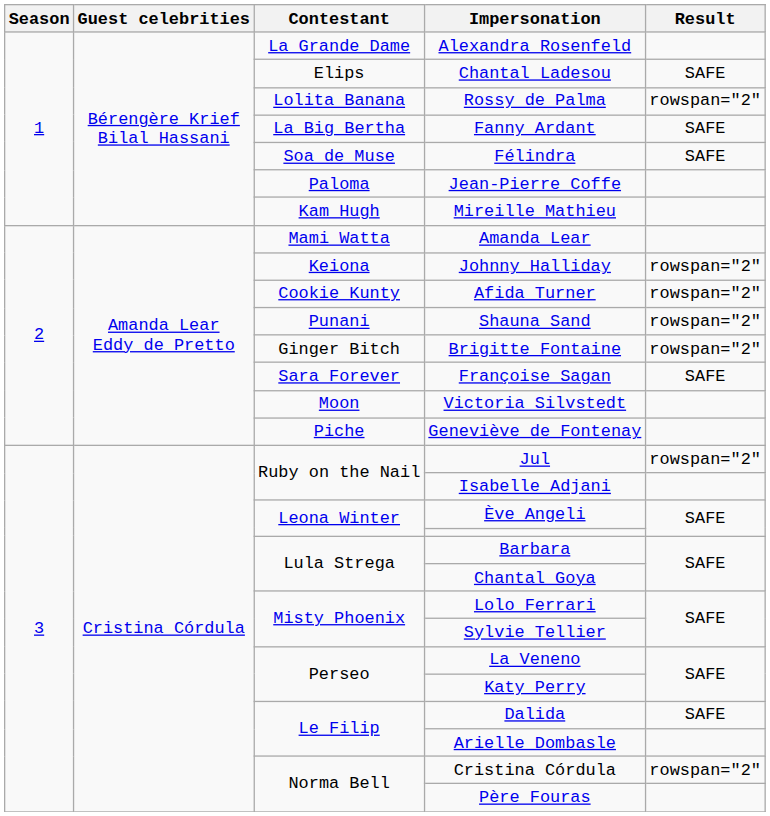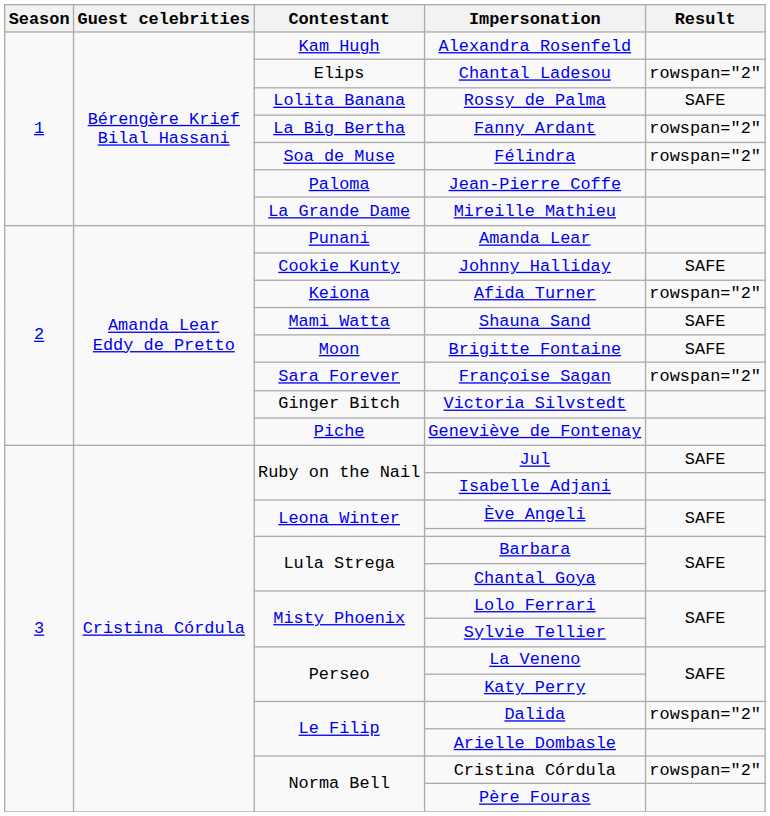 <table class="wikitable" style="text-align:center">
 <tr>
 <th>Season</th>
 <th>Guest celebrities</th>
 <th>Contestant</th>
 <th>Impersonation</th>
 <th>Result</th>
 </tr>
 <tr>
 <td rowspan="7"><a href='#'>1</a></td>
 <td rowspan="7"><a href='#'>Bérengère Krief</a><br><a href='#'>Bilal Hassani</a></td>
-<td nowrap><a href='#'>La Grande Dame</a></td>
+<td><a href='#'>Kam Hugh</a></td>
 <td><a href='#'>Alexandra Rosenfeld</a></td>
 <td></td>
 </tr>
 <tr>
 <td>Elips</td>
 <td><a href='#'>Chantal Ladesou</a></td>
-<td>SAFE</td>
+<td>rowspan="2" </td>
 </tr>
 <tr>
 <td><a href='#'>Lolita Banana</a></td>
 <td><a href='#'>Rossy de Palma</a></td>
-<td>rowspan="2" </td>
+<td>SAFE</td>
 </tr>
 <tr>
 <td><a href='#'>La Big Bertha</a></td>
 <td><a href='#'>Fanny Ardant</a></td>
-<td>SAFE</td>
+<td>rowspan="2" </td>
 </tr>
 <tr>
 <td><a href='#'>Soa de Muse</a></td>
 <td><a href='#'>Félindra</a></td>
-<td>SAFE</td>
+<td>rowspan="2" </td>
 </tr>
 <tr>
 <td><a href='#'>Paloma</a></td>
 <td><a href='#'>Jean-Pierre Coffe</a></td>
 <td></td>
 </tr>
 <tr>
-<td><a href='#'>Kam Hugh</a></td>
+<td nowrap><a href='#'>La Grande Dame</a></td>
 <td><a href='#'>Mireille Mathieu</a></td>
 <td></td>
 </tr>
 <tr>
 <td rowspan="8"><a href='#'>2</a></td>
 <td rowspan="8"><a href='#'>Amanda Lear</a><br><a href='#'>Eddy de Pretto</a></td>
-<td><a href='#'>Mami Watta</a></td>
+<td><a href='#'>Punani</a></td>
 <td><a href='#'>Amanda Lear</a></td>
 <td></td>
 </tr>
 <tr>
-<td><a href='#'>Keiona</a></td>
+<td><a href='#'>Cookie Kunty</a></td>
 <td><a href='#'>Johnny Halliday</a></td>
-<td>rowspan="2" </td>
+<td>SAFE</td>
 </tr>
 <tr>
-<td><a href='#'>Cookie Kunty</a></td>
+<td><a href='#'>Keiona</a></td>
 <td><a href='#'>Afida Turner</a></td>
 <td>rowspan="2" </td>
 </tr>
 <tr>
-<td><a href='#'>Punani</a></td>
+<td><a href='#'>Mami Watta</a></td>
 <td><a href='#'>Shauna Sand</a></td>
+<td>SAFE</td>
+</tr>
+<tr>
+<td><a href='#'>Moon</a></td>
+<td><a href='#'>Brigitte Fontaine</a></td>
+<td>SAFE</td>
+</tr>
+<tr>
+<td><a href='#'>Sara Forever</a></td>
+<td><a href='#'>Françoise Sagan</a></td>
 <td>rowspan="2" </td>
 </tr>
 <tr>
 <td>Ginger Bitch</td>
-<td><a href='#'>Brigitte Fontaine</a></td>
-<td>rowspan="2" </td>
-</tr>
-<tr>
-<td><a href='#'>Sara Forever</a></td>
-<td><a href='#'>Françoise Sagan</a></td>
-<td>SAFE</td>
-</tr>
-<tr>
-<td><a href='#'>Moon</a></td>
 <td><a href='#'>Victoria Silvstedt</a></td>
 <td></td>
 </tr>
 <tr>
 <td><a href='#'>Piche</a></td>
 <td nowrap><a href='#'>Geneviève de Fontenay</a></td>
 <td></td>
 </tr>
 <tr>
 <td rowspan="14"><a href='#'>3</a></td>
 <td rowspan="14"><a href='#'>Cristina Córdula</a><br></td>
 <td rowspan="2">Ruby on the Nail</td>
 <td><a href='#'>Jul</a></td>
-<td>rowspan="2" </td>
+<td>SAFE</td>
 </tr>
 <tr>
 <td><a href='#'>Isabelle Adjani</a></td>
 </tr>
 <tr>
 <td rowspan="2"><a href='#'>Leona Winter</a></td>
 <td><a href='#'>Ève Angeli</a></td>
 <td rowspan="2">SAFE</td>
 </tr>
 <tr>
 <td></td>
 </tr>
 <tr>
 <td rowspan="2">Lula Strega</td>
 <td><a href='#'>Barbara</a></td>
 <td rowspan="2">SAFE</td>
 </tr>
 <tr>
 <td><a href='#'>Chantal Goya</a></td>
 </tr>
 <tr>
 <td rowspan="2"><a href='#'>Misty Phoenix</a></td>
 <td><a href='#'>Lolo Ferrari</a></td>
 <td rowspan="2">SAFE</td>
 </tr>
 <tr>
 <td><a href='#'>Sylvie Tellier</a></td>
 </tr>
 <tr>
 <td rowspan="2">Perseo</td>
 <td><a href='#'>La Veneno</a></td>
 <td rowspan="2">SAFE</td>
 </tr>
 <tr>
 <td><a href='#'>Katy Perry</a></td>
 </tr>
 <tr>
 <td rowspan="2"><a href='#'>Le Filip</a></td>
 <td><a href='#'>Dalida</a></td>
-<td>SAFE</td>
+<td>rowspan="2" </td>
 </tr>
 <tr>
 <td><a href='#'>Arielle Dombasle</a></td>
 </tr>
 <tr>
 <td rowspan="2">Norma Bell</td>
 <td>Cristina Córdula</td>
 <td>rowspan="2" </td>
 </tr>
 <tr>
 <td><a href='#'>Père Fouras</a></td>
 </tr>
 </table>
